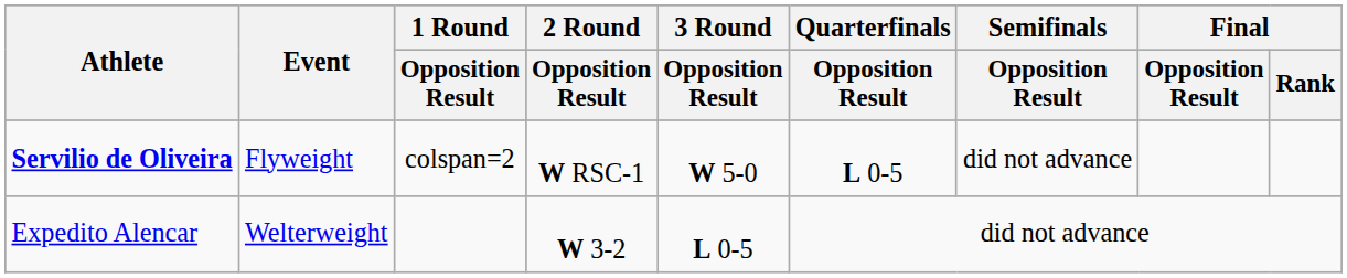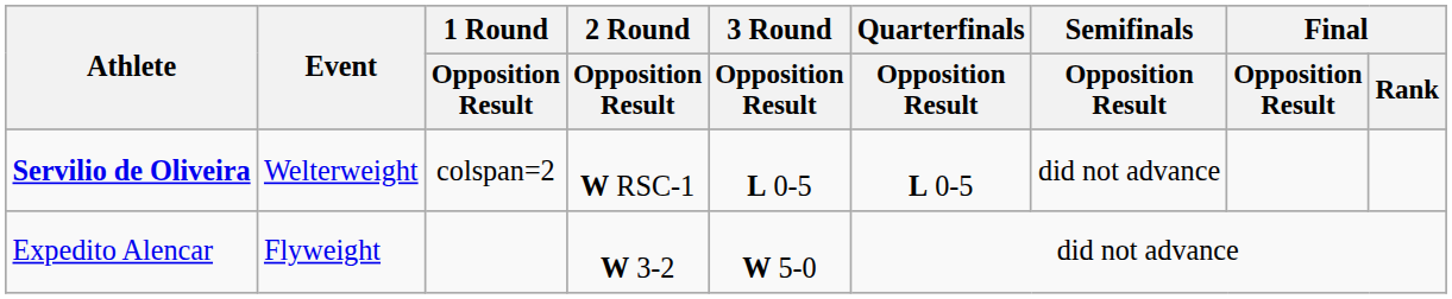 <table class="wikitable" style="font-size:90%">
 <tr>
 <th rowspan="2">Athlete</th>
 <th rowspan="2">Event</th>
 <th>1 Round</th>
 <th>2 Round</th>
 <th>3 Round</th>
 <th>Quarterfinals</th>
 <th>Semifinals</th>
 <th colspan="2">Final</th>
 </tr>
 <tr style="font-size:95%">
 <th>Opposition<br>Result</th>
 <th>Opposition<br>Result</th>
 <th>Opposition<br>Result</th>
 <th>Opposition<br>Result</th>
 <th>Opposition<br>Result</th>
 <th>Opposition<br>Result</th>
 <th>Rank</th>
 </tr>
 <tr align=center>
 <td align=left><strong><a href='#'>Servilio de Oliveira</a></strong></td>
-<td align=left><a href='#'>Flyweight</a></td>
+<td align=left><a href='#'>Welterweight</a></td>
 <td>colspan=2 </td>
 <td><br><strong>W</strong> RSC-1</td>
-<td><br><strong>W</strong> 5-0</td>
+<td><br><strong>L</strong> 0-5</td>
 <td><br><strong>L</strong> 0-5</td>
 <td colspan=1>did not advance</td>
 <td></td>
 </tr>
 <tr align=center>
 <td align=left><a href='#'>Expedito Alencar</a></td>
-<td align=left><a href='#'>Welterweight</a></td>
+<td align=left><a href='#'>Flyweight</a></td>
 <td></td>
 <td><br><strong>W</strong> 3-2</td>
-<td><br><strong>L</strong> 0-5</td>
+<td><br><strong>W</strong> 5-0</td>
 <td colspan=4>did not advance</td>
 </tr>
 </table>
